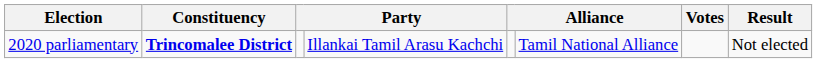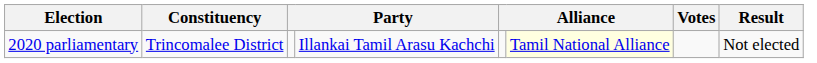 <table class="wikitable" style="text-align:left;">
 <tr>
 <th scope=col>Election</th>
 <th scope=col>Constituency</th>
 <th scope=col colspan="2">Party</th>
 <th scope=col colspan="2">Alliance</th>
 <th scope=col>Votes</th>
 <th scope=col>Result</th>
 </tr>
 <tr>
 <td><a href='#'>2020 parliamentary</a></td>
-<td><strong><a href='#'>Trincomalee District</a></strong></td>
+<td><a href='#'>Trincomalee District</a></td>
 <td style="background:"></td>
 <td><a href='#'>Illankai Tamil Arasu Kachchi</a></td>
 <td style="background:"></td>
-<td><a href='#'>Tamil National Alliance</a></td>
+<td style="background: lightyellow;"><a href='#'>Tamil National Alliance</a></td>
 <td align=right></td>
 <td>Not elected</td>
 </tr>
 </table>
